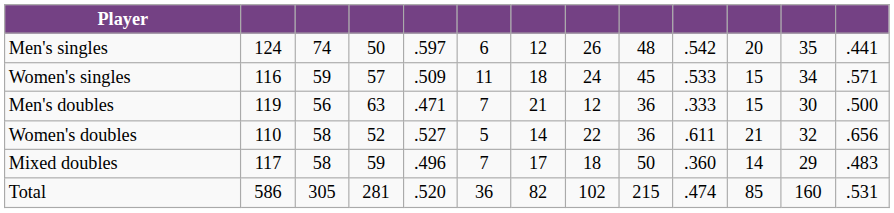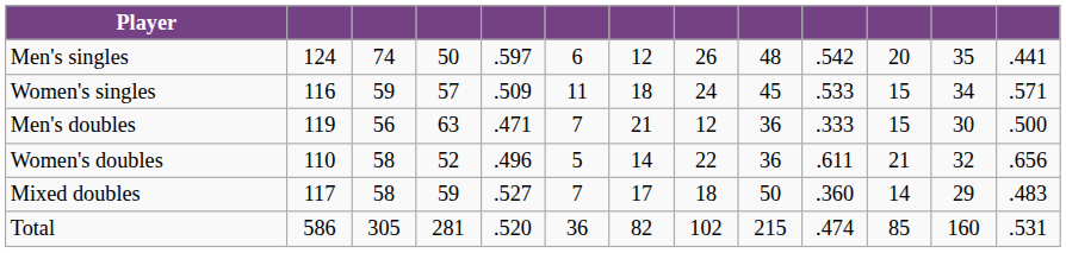 <table class="wikitable" style="text-align:center">
 <tr>
 <th style="background:#744184; color:white" width="200px">Player</th>
 <th style="background:#744184; color:white" width="40px"></th>
 <th style="background:#744184; color:white" width="40px"></th>
 <th style="background:#744184; color:white" width="40px"></th>
 <th style="background:#744184; color:white" width="40px"></th>
 <th style="background:#744184; color:white" width="40px"></th>
 <th style="background:#744184; color:white" width="40px"></th>
 <th style="background:#744184; color:white" width="40px"></th>
 <th style="background:#744184; color:white" width="40px"></th>
 <th style="background:#744184; color:white" width="40px"></th>
 <th style="background:#744184; color:white" width="40px"></th>
 <th style="background:#744184; color:white" width="40px"></th>
 <th style="background:#744184; color:white" width="40px"></th>
 </tr>
 <tr>
 <td style="text-align:left">Men's singles</td>
 <td>124</td>
 <td>74</td>
 <td>50</td>
 <td>.597</td>
 <td>6</td>
 <td>12</td>
 <td>26</td>
 <td>48</td>
 <td>.542</td>
 <td>20</td>
 <td>35</td>
 <td>.441</td>
 </tr>
 <tr>
 <td style="text-align:left">Women's singles</td>
 <td>116</td>
 <td>59</td>
 <td>57</td>
 <td>.509</td>
 <td>11</td>
 <td>18</td>
 <td>24</td>
 <td>45</td>
 <td>.533</td>
 <td>15</td>
 <td>34</td>
 <td>.571</td>
 </tr>
 <tr>
 <td style="text-align:left">Men's doubles</td>
 <td>119</td>
 <td>56</td>
 <td>63</td>
 <td>.471</td>
 <td>7</td>
 <td>21</td>
 <td>12</td>
 <td>36</td>
 <td>.333</td>
 <td>15</td>
 <td>30</td>
 <td>.500</td>
 </tr>
 <tr>
 <td style="text-align:left">Women's doubles</td>
 <td>110</td>
 <td>58</td>
 <td>52</td>
-<td>.527</td>
+<td>.496</td>
 <td>5</td>
 <td>14</td>
 <td>22</td>
 <td>36</td>
 <td>.611</td>
 <td>21</td>
 <td>32</td>
 <td>.656</td>
 </tr>
 <tr>
 <td style="text-align:left">Mixed doubles</td>
 <td>117</td>
 <td>58</td>
 <td>59</td>
-<td>.496</td>
+<td>.527</td>
 <td>7</td>
 <td>17</td>
 <td>18</td>
 <td>50</td>
 <td>.360</td>
 <td>14</td>
 <td>29</td>
 <td>.483</td>
 </tr>
 <tr>
 <td style="text-align:left">Total</td>
 <td>586</td>
 <td>305</td>
 <td>281</td>
 <td>.520</td>
 <td>36</td>
 <td>82</td>
 <td>102</td>
 <td>215</td>
 <td>.474</td>
 <td>85</td>
 <td>160</td>
 <td>.531</td>
 </tr>
 </table>
